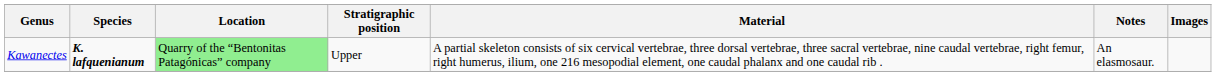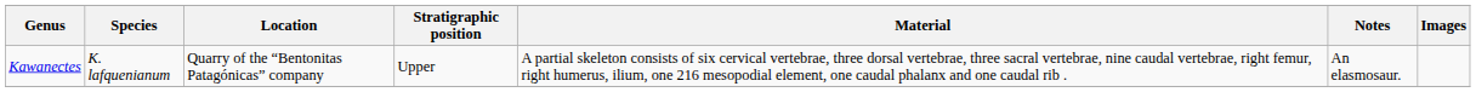 <table class="wikitable" align="center">
 <tr>
 </tr>
 <tr>
 <th>Genus</th>
 <th>Species</th>
 <th>Location</th>
 <th>Stratigraphic position</th>
 <th>Material</th>
 <th>Notes</th>
 <th>Images</th>
 </tr>
 <tr>
 <td><em><a href='#'>Kawanectes</a></em></td>
-<td><strong><em>K. lafquenianum</em></strong></td>
-<td style="background: lightgreen;">Quarry of the “Bentonitas Patagónicas” company</td>
+<td><em>K. lafquenianum</em></td>
+<td>Quarry of the “Bentonitas Patagónicas” company</td>
 <td>Upper</td>
 <td>A partial skeleton consists of six cervical vertebrae, three dorsal vertebrae, three sacral vertebrae, nine caudal vertebrae, right femur, right humerus, ilium, one 216 mesopodial element, one caudal phalanx and one caudal rib .</td>
 <td>An elasmosaur.</td>
 <td></td>
 </tr>
 <tr>
 </tr>
 </table>
